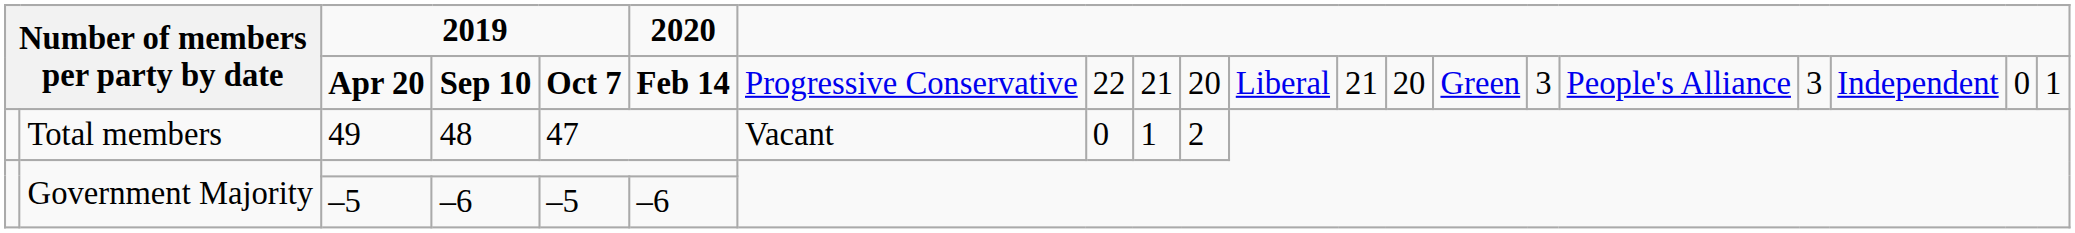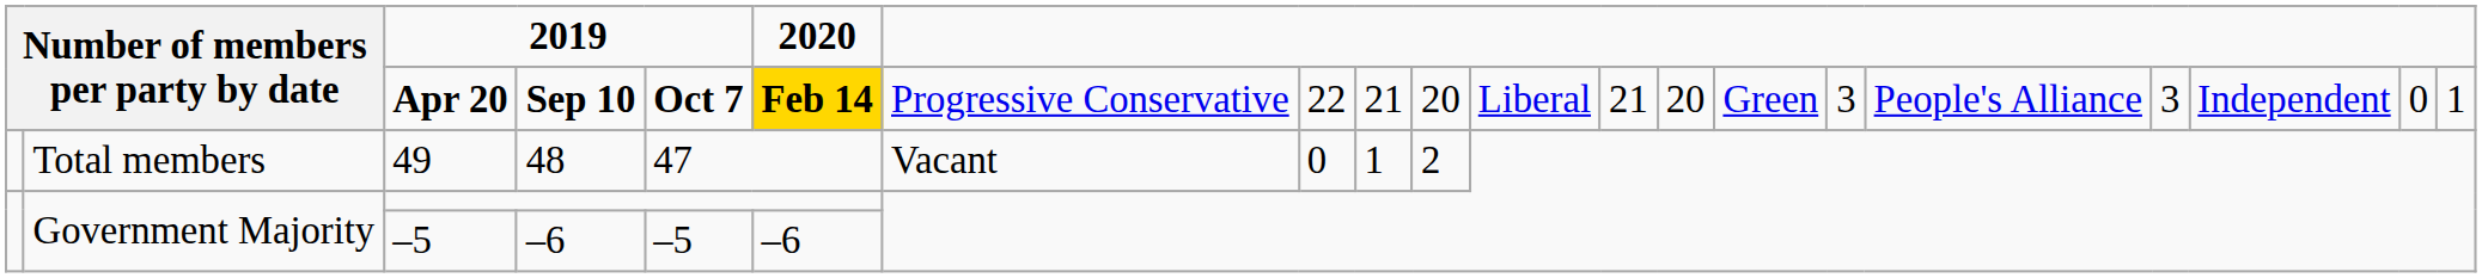 <table class="wikitable">
 <tr>
 <th colspan=2 rowspan=2>Number of members<br>per party by date</th>
 <td colspan="3", align=center><strong>2019</strong></td>
 <td colspan="1", align=center><strong>2020</strong></td>
 </tr>
 <tr>
 <td colspan="1"><strong>Apr 20</strong></td>
 <td colspan="1"><strong>Sep 10</strong></td>
 <td colspan="1"><strong>Oct 7</strong></td>
-<td colspan="1"><strong>Feb 14</strong><br></td>
+<td colspan="1" style="background: gold;"><strong>Feb 14</strong><br></td>
 <td><a href='#'>Progressive Conservative</a></td>
 <td>22</td>
 <td colspan="2">21</td>
 <td>20<br></td>
 <td><a href='#'>Liberal</a></td>
 <td colspan="2">21</td>
 <td colspan="2">20<br></td>
 <td><a href='#'>Green</a></td>
 <td colspan="4">3<br></td>
 <td><a href='#'>People's Alliance</a></td>
 <td colspan="4">3<br></td>
 <td><a href='#'>Independent</a></td>
 <td colspan="3">0</td>
 <td colspan="1">1</td>
 </tr>
 <tr>
 <td rowspan="1" ></td>
 <td>Total members</td>
 <td colspan="1">49</td>
 <td colspan="1">48</td>
 <td colspan="2">47<br></td>
 <td>Vacant</td>
 <td colspan="1">0</td>
 <td colspan="1">1</td>
 <td colspan="2">2</td>
 </tr>
 <tr>
 <td rowspan="2" ></td>
 <td rowspan="2">Government Majority</td>
 <td colspan="4" ></td>
 </tr>
 <tr>
 <td colspan="1">–5</td>
 <td colspan="1">–6</td>
 <td colspan="1">–5</td>
 <td colspan="1">–6<br></td>
 </tr>
 </table>
